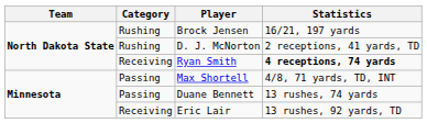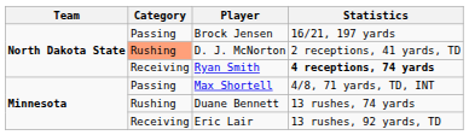 <table class="wikitable" style="float: right;">
 <tr>
 <th>Team</th>
 <th>Category</th>
 <th>Player</th>
 <th>Statistics</th>
 </tr>
 <tr>
 <td rowspan=3><strong>North Dakota State</strong></td>
-<td>Rushing</td>
+<td>Passing</td>
 <td>Brock Jensen</td>
 <td>16/21, 197 yards</td>
 </tr>
 <tr>
-<td>Rushing</td>
+<td style="background: lightsalmon;">Rushing</td>
 <td>D. J. McNorton</td>
 <td>2 receptions, 41 yards, TD</td>
 </tr>
 <tr>
 <td>Receiving</td>
 <td><a href='#'>Ryan Smith</a></td>
 <td><strong>4 receptions, 74 yards</strong></td>
 </tr>
 <tr>
 <td rowspan=3><strong>Minnesota</strong></td>
 <td>Passing</td>
 <td><a href='#'>Max Shortell</a></td>
 <td>4/8, 71 yards, TD, INT</td>
 </tr>
 <tr>
-<td>Passing</td>
+<td>Rushing</td>
 <td>Duane Bennett</td>
 <td>13 rushes, 74 yards</td>
 </tr>
 <tr>
 <td>Receiving</td>
 <td>Eric Lair</td>
 <td>13 rushes, 92 yards, TD</td>
 </tr>
 </table>
